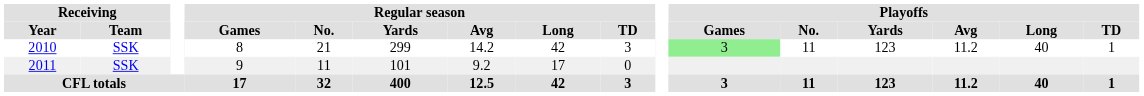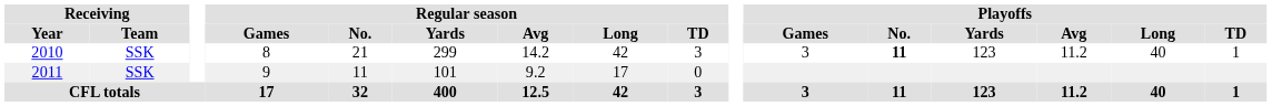 <table BORDER="0" CELLPADDING="1" CELLSPACING="0" width="65%" style="text-align:center">
 <tr bgcolor="#e0e0e0">
 <th colspan="2">Receiving</th>
 <th rowspan="99" bgcolor="#ffffff"> </th>
 <th colspan="6">Regular season</th>
 <th rowspan="99" bgcolor="#ffffff"> </th>
 <th colspan="6">Playoffs</th>
 </tr>
 <tr bgcolor="#e0e0e0">
 <th>Year</th>
 <th>Team</th>
 <th>Games</th>
 <th>No.</th>
 <th>Yards</th>
 <th>Avg</th>
 <th>Long</th>
 <th>TD</th>
 <th>Games</th>
 <th>No.</th>
 <th>Yards</th>
 <th>Avg</th>
 <th>Long</th>
 <th>TD</th>
 </tr>
 <tr ALIGN="center">
 <td><a href='#'>2010</a></td>
 <td><a href='#'>SSK</a></td>
 <td>8</td>
 <td>21</td>
 <td>299</td>
 <td>14.2</td>
 <td>42</td>
 <td>3</td>
-<td style="background: lightgreen;">3</td>
-<td>11</td>
+<td>3</td>
+<td><strong>11</strong></td>
 <td>123</td>
 <td>11.2</td>
 <td>40</td>
 <td>1</td>
 </tr>
 <tr ALIGN="center" bgcolor="#f0f0f0">
 <td><a href='#'>2011</a></td>
 <td><a href='#'>SSK</a></td>
 <td>9</td>
 <td>11</td>
 <td>101</td>
 <td>9.2</td>
 <td>17</td>
 <td>0</td>
 <td></td>
 <td></td>
 <td></td>
 <td></td>
 <td></td>
 <td></td>
 </tr>
 <tr bgcolor="#e0e0e0">
 <th colspan="3">CFL totals</th>
 <th>17</th>
 <th>32</th>
 <th>400</th>
 <th>12.5</th>
 <th>42</th>
 <th>3</th>
 <th>3</th>
 <th>11</th>
 <th>123</th>
 <th>11.2</th>
 <th>40</th>
 <th>1</th>
 </tr>
 </table>
